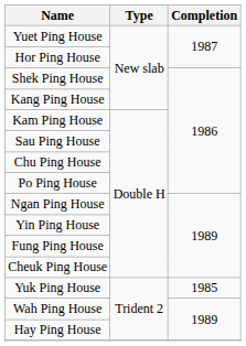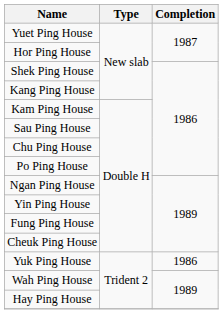 <table class="wikitable" style="text-align: center">
 <tr>
 <th>Name</th>
 <th>Type</th>
 <th>Completion</th>
 </tr>
 <tr>
 <td>Yuet Ping House</td>
 <td rowspan="4">New slab</td>
 <td rowspan="2">1987</td>
 </tr>
 <tr>
 <td>Hor Ping House</td>
 </tr>
 <tr>
 <td>Shek Ping House</td>
 <td rowspan="6">1986</td>
 </tr>
 <tr>
 <td>Kang Ping House</td>
 </tr>
 <tr>
 <td>Kam Ping House</td>
 <td rowspan="8">Double H</td>
 </tr>
 <tr>
 <td>Sau Ping House</td>
 </tr>
 <tr>
 <td>Chu Ping House</td>
 </tr>
 <tr>
 <td>Po Ping House</td>
 </tr>
 <tr>
 <td>Ngan Ping House</td>
 <td rowspan="4">1989</td>
 </tr>
 <tr>
 <td>Yin Ping House</td>
 </tr>
 <tr>
 <td>Fung Ping House</td>
 </tr>
 <tr>
 <td>Cheuk Ping House</td>
 </tr>
 <tr>
 <td>Yuk Ping House</td>
 <td rowspan="3">Trident 2</td>
-<td rowspan="1">1985</td>
+<td rowspan="1">1986</td>
 </tr>
 <tr>
 <td>Wah Ping House</td>
 <td rowspan="2">1989</td>
 </tr>
 <tr>
 <td>Hay Ping House</td>
 </tr>
 <tr>
 </tr>
 </table>
